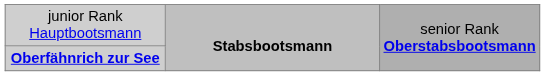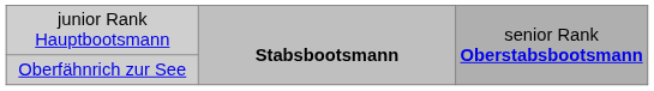 <table class="toccolours" border="1" cellpadding="4" cellspacing="0" style="border-collapse: collapse; margin: 0.5em auto; clear: both;">
 <tr>
 <td width="30%" align="center" style="background:#cfcfcf;">junior Rank<br><a href='#'>Hauptbootsmann</a></td>
 <td width="40%" align="center" rowspan="2" style="background:#bfbfbf;"><br><span><strong>Stabsbootsmann</strong></span></td>
 <td width="30%" align="center" rowspan="2" style="background:#afafaf;">senior Rank<br><strong><a href='#'>Oberstabsbootsmann</a></strong></td>
 </tr>
 <tr>
-<td width="30%" align="center" style="background:#cfcfcf;"><strong><a href='#'>Oberfähnrich zur See</a></strong></td>
+<td width="30%" align="center" style="background:#cfcfcf;"><a href='#'>Oberfähnrich zur See</a></td>
 </tr>
 </table>
